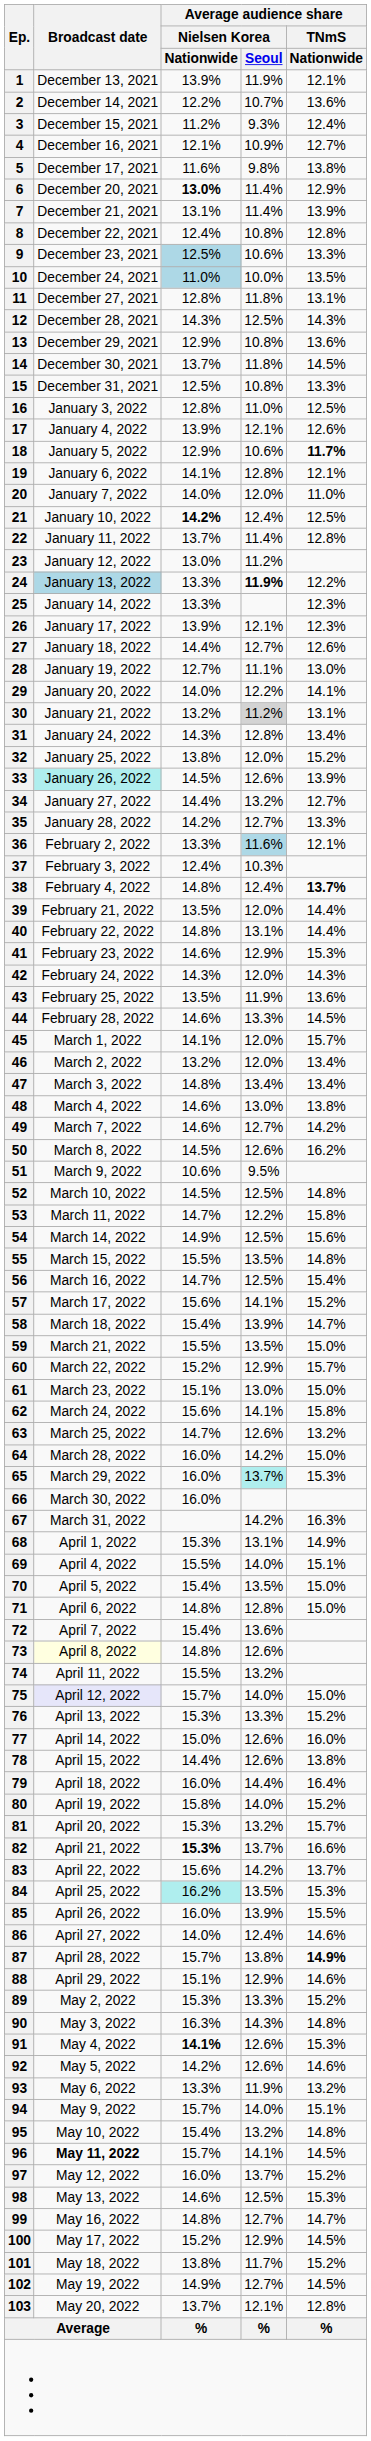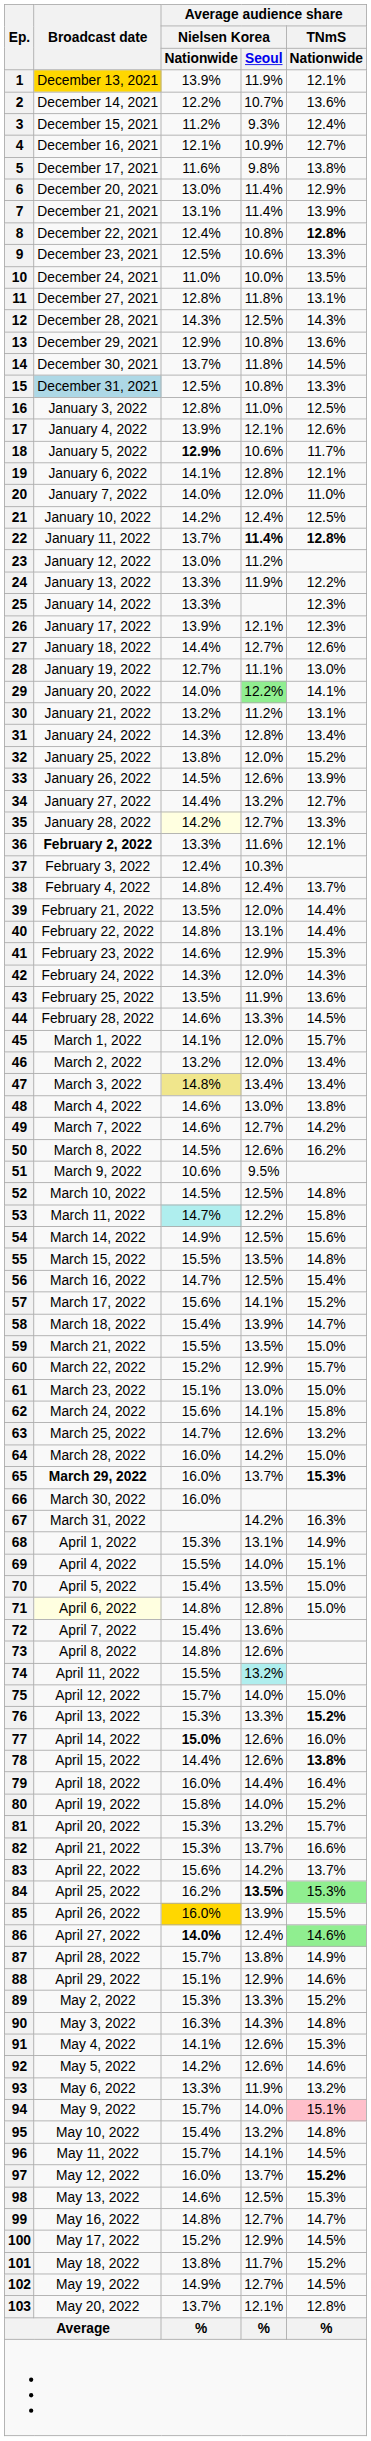 <table class="wikitable" style="text-align:center; max-width:600px; margin-left: auto; margin-right: auto; border: none;">
 <tr>
 <th rowspan="3">Ep.</th>
 <th rowspan="3">Broadcast date</th>
 <th colspan="3">Average audience share</th>
 </tr>
 <tr>
 <th colspan="2">Nielsen Korea</th>
 <th>TNmS</th>
 </tr>
 <tr>
 <th>Nationwide</th>
 <th><a href='#'>Seoul</a></th>
 <th>Nationwide</th>
 </tr>
 <tr>
 <th>1</th>
-<td>December 13, 2021</td>
+<td style="background: gold;">December 13, 2021</td>
 <td>13.9% </td>
 <td>11.9% </td>
 <td>12.1% </td>
 </tr>
 <tr>
 <th>2</th>
 <td>December 14, 2021</td>
 <td>12.2% </td>
 <td>10.7% </td>
 <td>13.6% </td>
 </tr>
 <tr>
 <th>3</th>
 <td>December 15, 2021</td>
 <td>11.2% </td>
 <td>9.3% </td>
 <td>12.4% </td>
 </tr>
 <tr>
 <th>4</th>
 <td>December 16, 2021</td>
 <td>12.1% </td>
 <td>10.9% </td>
 <td>12.7% </td>
 </tr>
 <tr>
 <th>5</th>
 <td>December 17, 2021</td>
 <td>11.6% </td>
 <td>9.8%  </td>
 <td>13.8% </td>
 </tr>
 <tr>
 <th>6</th>
 <td>December 20, 2021</td>
-<td><strong>13.0% </strong></td>
+<td>13.0% </td>
 <td>11.4% </td>
 <td>12.9% </td>
 </tr>
 <tr>
 <th>7</th>
 <td>December 21, 2021</td>
 <td>13.1% </td>
 <td>11.4% </td>
 <td>13.9% </td>
 </tr>
 <tr>
 <th>8</th>
 <td>December 22, 2021</td>
 <td>12.4% </td>
 <td>10.8% </td>
-<td>12.8% </td>
+<td><strong>12.8% </strong></td>
 </tr>
 <tr>
 <th>9</th>
 <td>December 23, 2021</td>
-<td style="background: lightblue;">12.5% </td>
+<td>12.5% </td>
 <td>10.6% </td>
 <td>13.3% </td>
 </tr>
 <tr>
 <th>10</th>
 <td>December 24, 2021</td>
-<td style="background: lightblue;">11.0% </td>
+<td>11.0% </td>
 <td>10.0% </td>
 <td>13.5% </td>
 </tr>
 <tr>
 <th>11</th>
 <td>December 27, 2021</td>
 <td>12.8% </td>
 <td>11.8% </td>
 <td>13.1% </td>
 </tr>
 <tr>
 <th>12</th>
 <td>December 28, 2021</td>
 <td>14.3% </td>
 <td>12.5% </td>
 <td>14.3% </td>
 </tr>
 <tr>
 <th>13</th>
 <td>December 29, 2021</td>
 <td>12.9% </td>
 <td>10.8% </td>
 <td>13.6% </td>
 </tr>
 <tr>
 <th>14</th>
 <td>December 30, 2021</td>
 <td>13.7% </td>
 <td>11.8% </td>
 <td>14.5% </td>
 </tr>
 <tr>
 <th>15</th>
-<td>December 31, 2021</td>
+<td style="background: lightblue;">December 31, 2021</td>
 <td>12.5% </td>
 <td>10.8% </td>
 <td>13.3% </td>
 </tr>
 <tr>
 <th>16</th>
 <td>January 3, 2022</td>
 <td>12.8% </td>
 <td>11.0% </td>
 <td>12.5% </td>
 </tr>
 <tr>
 <th>17</th>
 <td>January 4, 2022</td>
 <td>13.9% </td>
 <td>12.1% </td>
 <td>12.6% </td>
 </tr>
 <tr>
 <th>18</th>
 <td>January 5, 2022</td>
-<td>12.9% </td>
+<td><strong>12.9% </strong></td>
 <td>10.6% </td>
-<td><strong>11.7% </strong></td>
+<td>11.7% </td>
 </tr>
 <tr>
 <th>19</th>
 <td>January 6, 2022</td>
 <td>14.1% </td>
 <td>12.8% </td>
 <td>12.1% </td>
 </tr>
 <tr>
 <th>20</th>
 <td>January 7, 2022</td>
 <td>14.0% </td>
 <td>12.0% </td>
 <td>11.0% </td>
 </tr>
 <tr>
 <th>21</th>
 <td>January 10, 2022</td>
-<td><strong>14.2% </strong></td>
+<td>14.2% </td>
 <td>12.4% </td>
 <td>12.5% </td>
 </tr>
 <tr>
 <th>22</th>
 <td>January 11, 2022</td>
 <td>13.7% </td>
-<td>11.4% </td>
-<td>12.8% </td>
+<td><strong>11.4% </strong></td>
+<td><strong>12.8% </strong></td>
 </tr>
 <tr>
 <th>23</th>
 <td>January 12, 2022</td>
 <td>13.0% </td>
 <td>11.2% </td>
 <td></td>
 </tr>
 <tr>
 <th>24</th>
-<td style="background: lightblue;">January 13, 2022</td>
+<td>January 13, 2022</td>
 <td>13.3% </td>
-<td><strong>11.9% </strong></td>
+<td>11.9% </td>
 <td>12.2% </td>
 </tr>
 <tr>
 <th>25</th>
 <td>January 14, 2022</td>
 <td>13.3% </td>
 <td></td>
 <td>12.3% </td>
 </tr>
 <tr>
 <th>26</th>
 <td>January 17, 2022</td>
 <td>13.9% </td>
 <td>12.1% </td>
 <td>12.3% </td>
 </tr>
 <tr>
 <th>27</th>
 <td>January 18, 2022</td>
 <td>14.4% </td>
 <td>12.7% </td>
 <td>12.6% </td>
 </tr>
 <tr>
 <th>28</th>
 <td>January 19, 2022</td>
 <td>12.7% </td>
 <td>11.1% </td>
 <td>13.0% </td>
 </tr>
 <tr>
 <th>29</th>
 <td>January 20, 2022</td>
 <td>14.0% </td>
-<td>12.2% </td>
+<td style="background: lightgreen;">12.2% </td>
 <td>14.1% </td>
 </tr>
 <tr>
 <th>30</th>
 <td>January 21, 2022</td>
 <td>13.2% </td>
-<td style="background: lightgrey;">11.2% </td>
+<td>11.2% </td>
 <td>13.1% </td>
 </tr>
 <tr>
 <th>31</th>
 <td>January 24, 2022</td>
 <td>14.3% </td>
 <td>12.8% </td>
 <td>13.4% </td>
 </tr>
 <tr>
 <th>32</th>
 <td>January 25, 2022</td>
 <td>13.8% </td>
 <td>12.0% </td>
 <td>15.2% </td>
 </tr>
 <tr>
 <th>33</th>
-<td style="background: paleturquoise;">January 26, 2022</td>
+<td>January 26, 2022</td>
 <td>14.5% </td>
 <td>12.6% </td>
 <td>13.9% </td>
 </tr>
 <tr>
 <th>34</th>
 <td>January 27, 2022</td>
 <td>14.4% </td>
 <td>13.2% </td>
 <td>12.7% </td>
 </tr>
 <tr>
 <th>35</th>
 <td>January 28, 2022</td>
-<td>14.2% </td>
+<td style="background: lightyellow;">14.2% </td>
 <td>12.7% </td>
 <td>13.3% </td>
 </tr>
 <tr>
 <th>36</th>
-<td>February 2, 2022</td>
+<td><strong>February 2, 2022</strong></td>
 <td>13.3% </td>
-<td style="background: lightblue;">11.6% </td>
+<td>11.6% </td>
 <td>12.1% </td>
 </tr>
 <tr>
 <th>37</th>
 <td>February 3, 2022</td>
 <td>12.4% </td>
 <td>10.3% </td>
 <td></td>
 </tr>
 <tr>
 <th>38</th>
 <td>February 4, 2022</td>
 <td>14.8% </td>
 <td>12.4% </td>
-<td><strong>13.7% </strong></td>
+<td>13.7% </td>
 </tr>
 <tr>
 <th>39</th>
 <td>February 21, 2022</td>
 <td>13.5% </td>
 <td>12.0% </td>
 <td>14.4% </td>
 </tr>
 <tr>
 <th>40</th>
 <td>February 22, 2022</td>
 <td>14.8% </td>
 <td>13.1% </td>
 <td>14.4% </td>
 </tr>
 <tr>
 <th>41</th>
 <td>February 23, 2022</td>
 <td>14.6% </td>
 <td>12.9% </td>
 <td>15.3% </td>
 </tr>
 <tr>
 <th>42</th>
 <td>February 24, 2022</td>
 <td>14.3% </td>
 <td>12.0% </td>
 <td>14.3% </td>
 </tr>
 <tr>
 <th>43</th>
 <td>February 25, 2022</td>
 <td>13.5% </td>
 <td>11.9% </td>
 <td>13.6% </td>
 </tr>
 <tr>
 <th>44</th>
 <td>February 28, 2022</td>
 <td>14.6% </td>
 <td>13.3% </td>
 <td>14.5% </td>
 </tr>
 <tr>
 <th>45</th>
 <td>March 1, 2022</td>
 <td>14.1% </td>
 <td>12.0% </td>
 <td>15.7% </td>
 </tr>
 <tr>
 <th>46</th>
 <td>March 2, 2022</td>
 <td>13.2% </td>
 <td>12.0% </td>
 <td>13.4% </td>
 </tr>
 <tr>
 <th>47</th>
 <td>March 3, 2022</td>
-<td>14.8% </td>
+<td style="background: khaki;">14.8% </td>
 <td>13.4% </td>
 <td>13.4% </td>
 </tr>
 <tr>
 <th>48</th>
 <td>March 4, 2022</td>
 <td>14.6% </td>
 <td>13.0% </td>
 <td>13.8% </td>
 </tr>
 <tr>
 <th>49</th>
 <td>March 7, 2022</td>
 <td>14.6% </td>
 <td>12.7% </td>
 <td>14.2% </td>
 </tr>
 <tr>
 <th>50</th>
 <td>March 8, 2022</td>
 <td>14.5% </td>
 <td>12.6% </td>
 <td>16.2% </td>
 </tr>
 <tr>
 <th>51</th>
 <td>March 9, 2022</td>
 <td>10.6% </td>
 <td>9.5% </td>
 <td></td>
 </tr>
 <tr>
 <th>52</th>
 <td>March 10, 2022</td>
 <td>14.5% </td>
 <td>12.5% </td>
 <td>14.8% </td>
 </tr>
 <tr>
 <th>53</th>
 <td>March 11, 2022</td>
-<td>14.7% </td>
+<td style="background: paleturquoise;">14.7% </td>
 <td>12.2% </td>
 <td>15.8% </td>
 </tr>
 <tr>
 <th>54</th>
 <td>March 14, 2022</td>
 <td>14.9% </td>
 <td>12.5% </td>
 <td>15.6% </td>
 </tr>
 <tr>
 <th>55</th>
 <td>March 15, 2022</td>
 <td>15.5% </td>
 <td>13.5% </td>
 <td>14.8% </td>
 </tr>
 <tr>
 <th>56</th>
 <td>March 16, 2022</td>
 <td>14.7% </td>
 <td>12.5% </td>
 <td>15.4% </td>
 </tr>
 <tr>
 <th>57</th>
 <td>March 17, 2022</td>
 <td>15.6% </td>
 <td>14.1% </td>
 <td>15.2% </td>
 </tr>
 <tr>
 <th>58</th>
 <td>March 18, 2022</td>
 <td>15.4% </td>
 <td>13.9% </td>
 <td>14.7% </td>
 </tr>
 <tr>
 <th>59</th>
 <td>March 21, 2022</td>
 <td>15.5% </td>
 <td>13.5% </td>
 <td>15.0% </td>
 </tr>
 <tr>
 <th>60</th>
 <td>March 22, 2022</td>
 <td>15.2% </td>
 <td>12.9% </td>
 <td>15.7% </td>
 </tr>
 <tr>
 <th>61</th>
 <td>March 23, 2022</td>
 <td>15.1% </td>
 <td>13.0% </td>
 <td>15.0% </td>
 </tr>
 <tr>
 <th>62</th>
 <td>March 24, 2022</td>
 <td>15.6% </td>
 <td>14.1% </td>
 <td>15.8% </td>
 </tr>
 <tr>
 <th>63</th>
 <td>March 25, 2022</td>
 <td>14.7% </td>
 <td>12.6% </td>
 <td>13.2% </td>
 </tr>
 <tr>
 <th>64</th>
 <td>March 28, 2022</td>
 <td>16.0% </td>
 <td>14.2% </td>
 <td>15.0% </td>
 </tr>
 <tr>
 <th>65</th>
-<td>March 29, 2022</td>
+<td><strong>March 29, 2022</strong></td>
 <td>16.0% </td>
-<td style="background: paleturquoise;">13.7% </td>
-<td>15.3% </td>
+<td>13.7% </td>
+<td><strong>15.3% </strong></td>
 </tr>
 <tr>
 <th>66</th>
 <td>March 30, 2022</td>
 <td>16.0% </td>
 <td> </td>
 <td> </td>
 </tr>
 <tr>
 <th>67</th>
 <td>March 31, 2022</td>
 <td> </td>
 <td>14.2% </td>
 <td>16.3% </td>
 </tr>
 <tr>
 <th>68</th>
 <td>April 1, 2022</td>
 <td>15.3% </td>
 <td>13.1% </td>
 <td>14.9% </td>
 </tr>
 <tr>
 <th>69</th>
 <td>April 4, 2022</td>
 <td>15.5% </td>
 <td>14.0% </td>
 <td>15.1% </td>
 </tr>
 <tr>
 <th>70</th>
 <td>April 5, 2022</td>
 <td>15.4% </td>
 <td>13.5% </td>
 <td>15.0% </td>
 </tr>
 <tr>
 <th>71</th>
-<td>April 6, 2022</td>
+<td style="background: lightyellow;">April 6, 2022</td>
 <td>14.8% </td>
 <td>12.8% </td>
 <td>15.0% </td>
 </tr>
 <tr>
 <th>72</th>
 <td>April 7, 2022</td>
 <td>15.4% </td>
 <td>13.6% </td>
 <td></td>
 </tr>
 <tr>
 <th>73</th>
-<td style="background: lightyellow;">April 8, 2022</td>
+<td>April 8, 2022</td>
 <td>14.8% </td>
 <td>12.6% </td>
 <td></td>
 </tr>
 <tr>
 <th>74</th>
 <td>April 11, 2022</td>
 <td>15.5% </td>
-<td>13.2% </td>
+<td style="background: paleturquoise;">13.2% </td>
 <td></td>
 </tr>
 <tr>
 <th>75</th>
-<td style="background: lavender;">April 12, 2022</td>
+<td>April 12, 2022</td>
 <td>15.7% </td>
 <td>14.0% </td>
 <td>15.0% </td>
 </tr>
 <tr>
 <th>76</th>
 <td>April 13, 2022</td>
 <td>15.3% </td>
 <td>13.3% </td>
-<td>15.2% </td>
+<td><strong>15.2% </strong></td>
 </tr>
 <tr>
 <th>77</th>
 <td>April 14, 2022</td>
-<td>15.0% </td>
+<td><strong>15.0% </strong></td>
 <td>12.6% </td>
 <td>16.0% </td>
 </tr>
 <tr>
 <th>78</th>
 <td>April 15, 2022</td>
 <td>14.4% </td>
 <td>12.6% </td>
-<td>13.8% </td>
+<td><strong>13.8% </strong></td>
 </tr>
 <tr>
 <th>79</th>
 <td>April 18, 2022</td>
 <td>16.0% </td>
 <td>14.4% </td>
 <td>16.4% </td>
 </tr>
 <tr>
 <th>80</th>
 <td>April 19, 2022</td>
 <td>15.8% </td>
 <td>14.0% </td>
 <td>15.2% </td>
 </tr>
 <tr>
 <th>81</th>
 <td>April 20, 2022</td>
 <td>15.3% </td>
 <td>13.2% </td>
 <td>15.7% </td>
 </tr>
 <tr>
 <th>82</th>
 <td>April 21, 2022</td>
-<td><strong>15.3% </strong></td>
+<td>15.3% </td>
 <td>13.7% </td>
 <td>16.6% </td>
 </tr>
 <tr>
 <th>83</th>
 <td>April 22, 2022</td>
 <td>15.6% </td>
 <td>14.2% </td>
 <td>13.7% </td>
 </tr>
 <tr>
 <th>84</th>
 <td>April 25, 2022</td>
-<td style="background: paleturquoise;">16.2% </td>
-<td>13.5% </td>
-<td>15.3% </td>
+<td>16.2% </td>
+<td><strong>13.5% </strong></td>
+<td style="background: lightgreen;">15.3% </td>
 </tr>
 <tr>
 <th>85</th>
 <td>April 26, 2022</td>
-<td>16.0% </td>
+<td style="background: gold;">16.0% </td>
 <td>13.9% </td>
 <td>15.5% </td>
 </tr>
 <tr>
 <th>86</th>
 <td>April 27, 2022</td>
-<td>14.0% </td>
+<td><strong>14.0% </strong></td>
 <td>12.4% </td>
-<td>14.6% </td>
+<td style="background: lightgreen;">14.6% </td>
 </tr>
 <tr>
 <th>87</th>
 <td>April 28, 2022</td>
 <td>15.7% </td>
 <td>13.8% </td>
-<td><strong>14.9% </strong></td>
+<td>14.9% </td>
 </tr>
 <tr>
 <th>88</th>
 <td>April 29, 2022</td>
 <td>15.1% </td>
 <td>12.9% </td>
 <td>14.6% </td>
 </tr>
 <tr>
 <th>89</th>
 <td>May 2, 2022</td>
 <td>15.3% </td>
 <td>13.3% </td>
 <td>15.2% </td>
 </tr>
 <tr>
 <th>90</th>
 <td>May 3, 2022</td>
 <td>16.3% </td>
 <td>14.3% </td>
 <td>14.8% </td>
 </tr>
 <tr>
 <th>91</th>
 <td>May 4, 2022</td>
-<td><strong>14.1% </strong></td>
+<td>14.1% </td>
 <td>12.6% </td>
 <td>15.3% </td>
 </tr>
 <tr>
 <th>92</th>
 <td>May 5, 2022</td>
 <td>14.2% </td>
 <td>12.6% </td>
 <td>14.6% </td>
 </tr>
 <tr>
 <th>93</th>
 <td>May 6, 2022</td>
 <td>13.3% </td>
 <td>11.9% </td>
 <td>13.2% </td>
 </tr>
 <tr>
 <th>94</th>
 <td>May 9, 2022</td>
 <td>15.7% </td>
 <td>14.0% </td>
-<td>15.1% </td>
+<td style="background: pink;">15.1% </td>
 </tr>
 <tr>
 <th>95</th>
 <td>May 10, 2022</td>
 <td>15.4% </td>
 <td>13.2% </td>
 <td>14.8% </td>
 </tr>
 <tr>
 <th>96</th>
-<td><strong>May 11, 2022</strong></td>
+<td>May 11, 2022</td>
 <td>15.7% </td>
 <td>14.1% </td>
 <td>14.5% </td>
 </tr>
 <tr>
 <th>97</th>
 <td>May 12, 2022</td>
 <td>16.0% </td>
 <td>13.7% </td>
-<td>15.2% </td>
+<td><strong>15.2% </strong></td>
 </tr>
 <tr>
 <th>98</th>
 <td>May 13, 2022</td>
 <td>14.6% </td>
 <td>12.5% </td>
 <td>15.3% </td>
 </tr>
 <tr>
 <th>99</th>
 <td>May 16, 2022</td>
 <td>14.8% </td>
 <td>12.7% </td>
 <td>14.7% </td>
 </tr>
 <tr>
 <th>100</th>
 <td>May 17, 2022</td>
 <td>15.2% </td>
 <td>12.9% </td>
 <td>14.5% </td>
 </tr>
 <tr>
 <th>101</th>
 <td>May 18, 2022</td>
 <td>13.8% </td>
 <td>11.7% </td>
 <td>15.2% </td>
 </tr>
 <tr>
 <th>102</th>
 <td>May 19, 2022</td>
 <td>14.9% </td>
 <td>12.7% </td>
 <td>14.5% </td>
 </tr>
 <tr>
 <th>103</th>
 <td>May 20, 2022</td>
 <td>13.7% </td>
 <td>12.1% </td>
 <td>12.8% </td>
 </tr>
 <tr>
 <th colspan="2">Average</th>
 <th>%</th>
 <th>%</th>
 <th>%</th>
 </tr>
 <tr>
 <td colspan="6"><br><ul><li></li><li></li><li></li></ul></td>
 </tr>
 </table>
